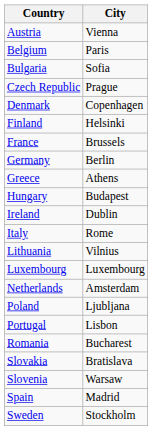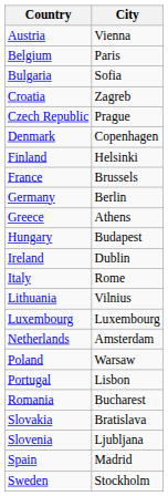 <table class="wikitable" style="margin-right:1em; display: inline-table;">
 <tr>
 <th>Country</th>
 <th>City</th>
 </tr>
 <tr>
 <td><a href='#'>Austria</a></td>
 <td>Vienna</td>
 </tr>
 <tr>
 <td><a href='#'>Belgium</a></td>
 <td>Paris</td>
 </tr>
 <tr>
 <td><a href='#'>Bulgaria</a></td>
 <td>Sofia</td>
+</tr>
+<tr>
+<td><a href='#'>Croatia</a></td>
+<td>Zagreb</td>
 </tr>
 <tr>
 <td><a href='#'>Czech Republic</a></td>
 <td>Prague</td>
 </tr>
 <tr>
 <td><a href='#'>Denmark</a></td>
 <td>Copenhagen</td>
 </tr>
 <tr>
 <td><a href='#'>Finland</a></td>
 <td>Helsinki</td>
 </tr>
 <tr>
 <td><a href='#'>France</a></td>
 <td>Brussels</td>
 </tr>
 <tr>
 <td><a href='#'>Germany</a></td>
 <td>Berlin</td>
 </tr>
 <tr>
 <td><a href='#'>Greece</a></td>
 <td>Athens</td>
 </tr>
 <tr>
 <td><a href='#'>Hungary</a></td>
 <td>Budapest</td>
 </tr>
 <tr>
 <td><a href='#'>Ireland</a></td>
 <td>Dublin</td>
 </tr>
 <tr>
 <td><a href='#'>Italy</a></td>
 <td>Rome</td>
 </tr>
 <tr>
 <td><a href='#'>Lithuania</a></td>
 <td>Vilnius</td>
 </tr>
 <tr>
 <td><a href='#'>Luxembourg</a></td>
 <td>Luxembourg</td>
 </tr>
 <tr>
 <td><a href='#'>Netherlands</a></td>
 <td>Amsterdam</td>
 </tr>
 <tr>
 <td><a href='#'>Poland</a></td>
-<td>Ljubljana</td>
+<td>Warsaw</td>
 </tr>
 <tr>
 <td><a href='#'>Portugal</a></td>
 <td>Lisbon</td>
 </tr>
 <tr>
 <td><a href='#'>Romania</a></td>
 <td>Bucharest</td>
 </tr>
 <tr>
 <td><a href='#'>Slovakia</a></td>
 <td>Bratislava</td>
 </tr>
 <tr>
 <td><a href='#'>Slovenia</a></td>
-<td>Warsaw</td>
+<td>Ljubljana</td>
 </tr>
 <tr>
 <td><a href='#'>Spain</a></td>
 <td>Madrid</td>
 </tr>
 <tr>
 <td><a href='#'>Sweden</a></td>
 <td>Stockholm</td>
 </tr>
 </table>
